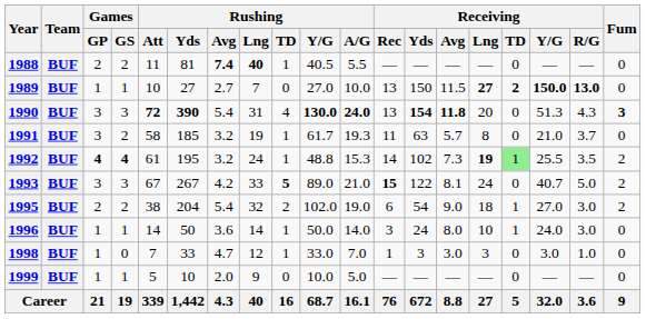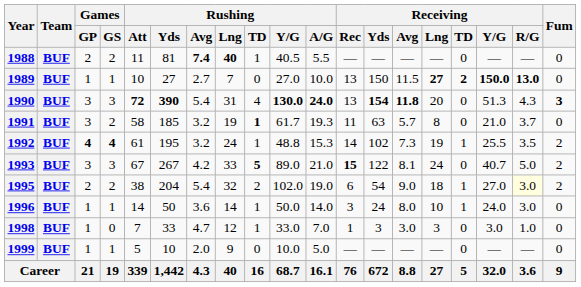 <table class="wikitable" style="text-align: center;">
 <tr>
 <th rowspan="2">Year</th>
 <th rowspan="2">Team</th>
 <th colspan="2">Games</th>
 <th colspan="7">Rushing</th>
 <th colspan="7">Receiving</th>
 <th rowspan="2">Fum</th>
 </tr>
 <tr>
 <th>GP</th>
 <th>GS</th>
 <th>Att</th>
 <th>Yds</th>
 <th>Avg</th>
 <th>Lng</th>
 <th>TD</th>
 <th>Y/G</th>
 <th>A/G</th>
 <th>Rec</th>
 <th>Yds</th>
 <th>Avg</th>
 <th>Lng</th>
 <th>TD</th>
 <th>Y/G</th>
 <th>R/G</th>
 </tr>
 <tr>
 <th><a href='#'>1988</a></th>
 <th><a href='#'>BUF</a></th>
 <td>2</td>
 <td>2</td>
 <td>11</td>
 <td>81</td>
 <td><strong>7.4</strong></td>
 <td><strong>40</strong></td>
 <td>1</td>
 <td>40.5</td>
 <td>5.5</td>
 <td>—</td>
 <td>—</td>
 <td>—</td>
 <td>—</td>
 <td>0</td>
 <td>—</td>
 <td>—</td>
 <td>0</td>
 </tr>
 <tr>
 <th><a href='#'>1989</a></th>
 <th><a href='#'>BUF</a></th>
 <td>1</td>
 <td>1</td>
 <td>10</td>
 <td>27</td>
 <td>2.7</td>
 <td>7</td>
 <td>0</td>
 <td>27.0</td>
 <td>10.0</td>
 <td>13</td>
 <td>150</td>
 <td>11.5</td>
 <td><strong>27</strong></td>
 <td><strong>2</strong></td>
 <td><strong>150.0</strong></td>
 <td><strong>13.0</strong></td>
 <td>0</td>
 </tr>
 <tr>
 <th><a href='#'>1990</a></th>
 <th><a href='#'>BUF</a></th>
 <td>3</td>
 <td>3</td>
 <td><strong>72</strong></td>
 <td><strong>390</strong></td>
 <td>5.4</td>
 <td>31</td>
 <td>4</td>
 <td><strong>130.0</strong></td>
 <td><strong>24.0</strong></td>
 <td>13</td>
 <td><strong>154</strong></td>
 <td><strong>11.8</strong></td>
 <td>20</td>
 <td>0</td>
 <td>51.3</td>
 <td>4.3</td>
 <td><strong>3</strong></td>
 </tr>
 <tr>
 <th><a href='#'>1991</a></th>
 <th><a href='#'>BUF</a></th>
 <td>3</td>
 <td>2</td>
 <td>58</td>
 <td>185</td>
 <td>3.2</td>
 <td>19</td>
-<td>1</td>
+<td><strong>1</strong></td>
 <td>61.7</td>
 <td>19.3</td>
 <td>11</td>
 <td>63</td>
 <td>5.7</td>
 <td>8</td>
 <td>0</td>
 <td>21.0</td>
 <td>3.7</td>
 <td>0</td>
 </tr>
 <tr>
 <th><a href='#'>1992</a></th>
 <th><a href='#'>BUF</a></th>
 <td><strong>4</strong></td>
 <td><strong>4</strong></td>
 <td>61</td>
 <td>195</td>
 <td>3.2</td>
 <td>24</td>
 <td>1</td>
 <td>48.8</td>
 <td>15.3</td>
 <td>14</td>
 <td>102</td>
 <td>7.3</td>
-<td><strong>19</strong></td>
-<td style="background: lightgreen;">1</td>
+<td>19</td>
+<td>1</td>
 <td>25.5</td>
 <td>3.5</td>
 <td>2</td>
 </tr>
 <tr>
 <th><a href='#'>1993</a></th>
 <th><a href='#'>BUF</a></th>
 <td>3</td>
 <td>3</td>
 <td>67</td>
 <td>267</td>
 <td>4.2</td>
 <td>33</td>
 <td><strong>5</strong></td>
 <td>89.0</td>
 <td>21.0</td>
 <td><strong>15</strong></td>
 <td>122</td>
 <td>8.1</td>
 <td>24</td>
 <td>0</td>
 <td>40.7</td>
 <td>5.0</td>
 <td>2</td>
 </tr>
 <tr>
 <th><a href='#'>1995</a></th>
 <th><a href='#'>BUF</a></th>
 <td>2</td>
 <td>2</td>
 <td>38</td>
 <td>204</td>
 <td>5.4</td>
 <td>32</td>
 <td>2</td>
 <td>102.0</td>
 <td>19.0</td>
 <td>6</td>
 <td>54</td>
 <td>9.0</td>
 <td>18</td>
 <td>1</td>
 <td>27.0</td>
-<td>3.0</td>
+<td style="background: lightyellow;">3.0</td>
 <td>2</td>
 </tr>
 <tr>
 <th><a href='#'>1996</a></th>
 <th><a href='#'>BUF</a></th>
 <td>1</td>
 <td>1</td>
 <td>14</td>
 <td>50</td>
 <td>3.6</td>
 <td>14</td>
 <td>1</td>
 <td>50.0</td>
 <td>14.0</td>
 <td>3</td>
 <td>24</td>
 <td>8.0</td>
 <td>10</td>
 <td>1</td>
 <td>24.0</td>
 <td>3.0</td>
 <td>0</td>
 </tr>
 <tr>
 <th><a href='#'>1998</a></th>
 <th><a href='#'>BUF</a></th>
 <td>1</td>
 <td>0</td>
 <td>7</td>
 <td>33</td>
 <td>4.7</td>
 <td>12</td>
 <td>1</td>
 <td>33.0</td>
 <td>7.0</td>
 <td>1</td>
 <td>3</td>
 <td>3.0</td>
 <td>3</td>
 <td>0</td>
 <td>3.0</td>
 <td>1.0</td>
 <td>0</td>
 </tr>
 <tr>
 <th><a href='#'>1999</a></th>
 <th><a href='#'>BUF</a></th>
 <td>1</td>
 <td>1</td>
 <td>5</td>
 <td>10</td>
 <td>2.0</td>
 <td>9</td>
 <td>0</td>
 <td>10.0</td>
 <td>5.0</td>
 <td>—</td>
 <td>—</td>
 <td>—</td>
 <td>—</td>
 <td>0</td>
 <td>—</td>
 <td>—</td>
 <td>0</td>
 </tr>
 <tr>
 <th colspan="2">Career</th>
 <th>21</th>
 <th>19</th>
 <th>339</th>
 <th>1,442</th>
 <th>4.3</th>
 <th>40</th>
 <th>16</th>
 <th>68.7</th>
 <th>16.1</th>
 <th>76</th>
 <th>672</th>
 <th>8.8</th>
 <th>27</th>
 <th>5</th>
 <th>32.0</th>
 <th>3.6</th>
 <th>9</th>
 </tr>
 </table>
